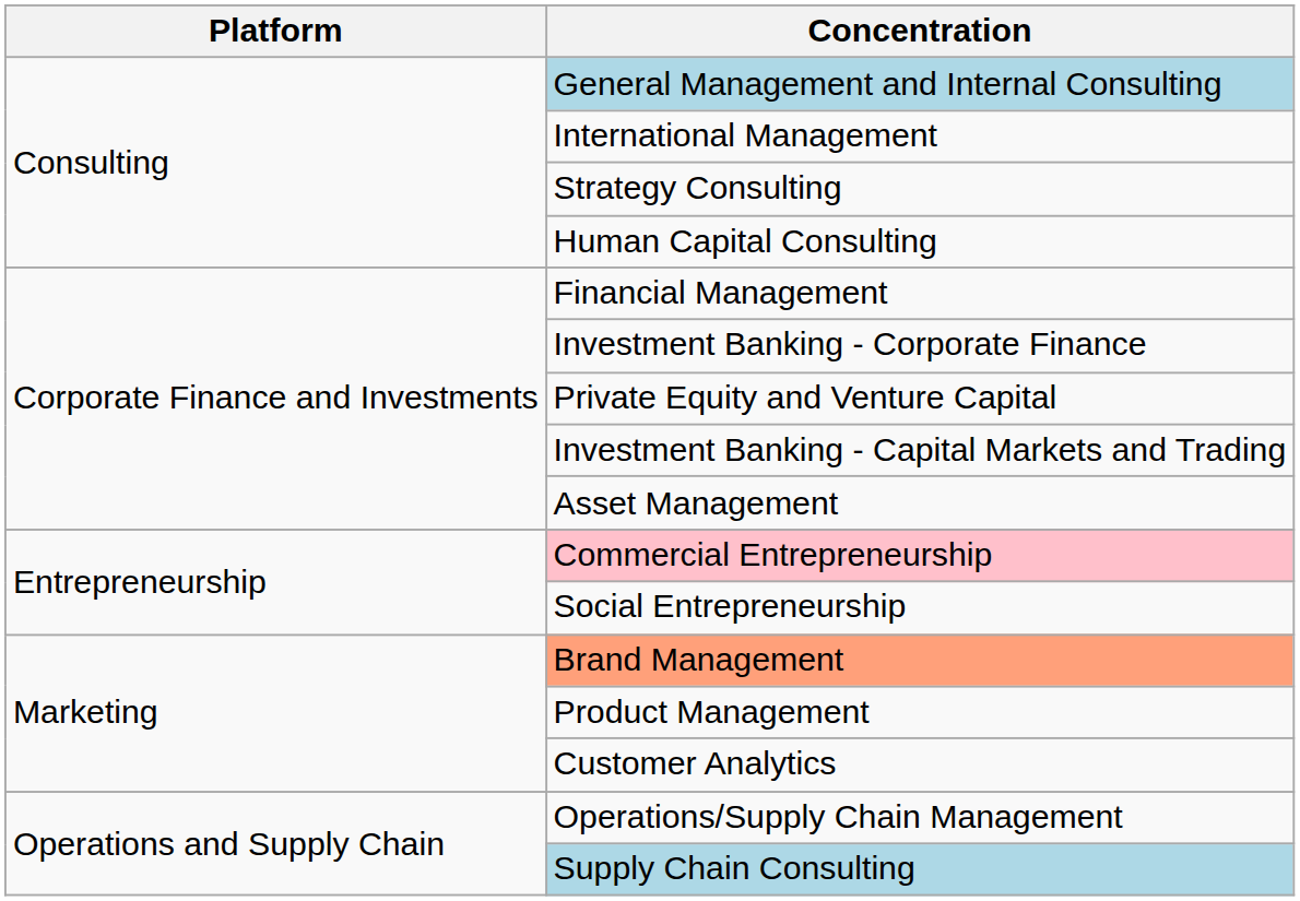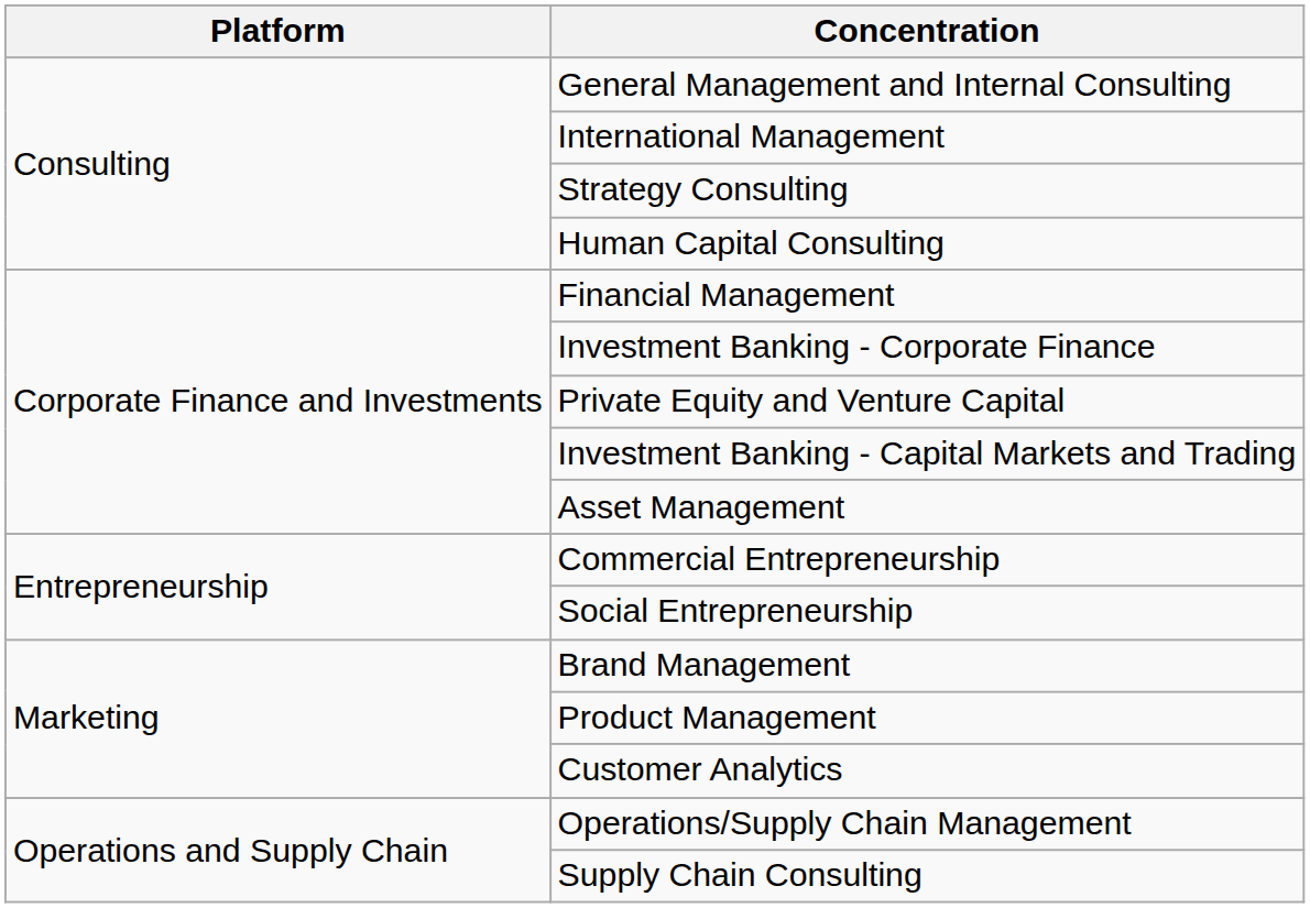 <table class="wikitable">
 <tr>
 <th>Platform</th>
 <th>Concentration</th>
 </tr>
 <tr>
 <td rowspan="4">Consulting </td>
-<td style="background: lightblue;">General Management and Internal Consulting</td>
+<td>General Management and Internal Consulting</td>
 </tr>
 <tr>
 <td>International Management</td>
 </tr>
 <tr>
 <td>Strategy Consulting</td>
 </tr>
 <tr>
 <td>Human Capital Consulting</td>
 </tr>
 <tr>
 <td rowspan="5">Corporate Finance and Investments </td>
 <td>Financial Management</td>
 </tr>
 <tr>
 <td>Investment Banking - Corporate Finance</td>
 </tr>
 <tr>
 <td>Private Equity and Venture Capital</td>
 </tr>
 <tr>
 <td>Investment Banking - Capital Markets and Trading</td>
 </tr>
 <tr>
 <td>Asset Management</td>
 </tr>
 <tr>
 <td rowspan="2">Entrepreneurship </td>
-<td style="background: pink;">Commercial Entrepreneurship</td>
+<td>Commercial Entrepreneurship</td>
 </tr>
 <tr>
 <td>Social Entrepreneurship</td>
 </tr>
 <tr>
 <td rowspan="3">Marketing </td>
-<td style="background: lightsalmon;">Brand Management</td>
+<td>Brand Management</td>
 </tr>
 <tr>
 <td>Product Management</td>
 </tr>
 <tr>
 <td>Customer Analytics</td>
 </tr>
 <tr>
 <td rowspan="2">Operations and Supply Chain </td>
 <td>Operations/Supply Chain Management</td>
 </tr>
 <tr>
-<td style="background: lightblue;">Supply Chain Consulting</td>
+<td>Supply Chain Consulting</td>
 </tr>
 </table>
